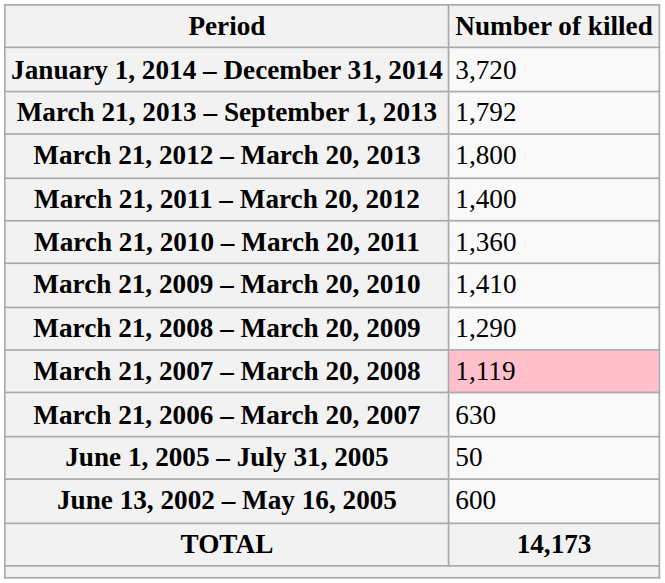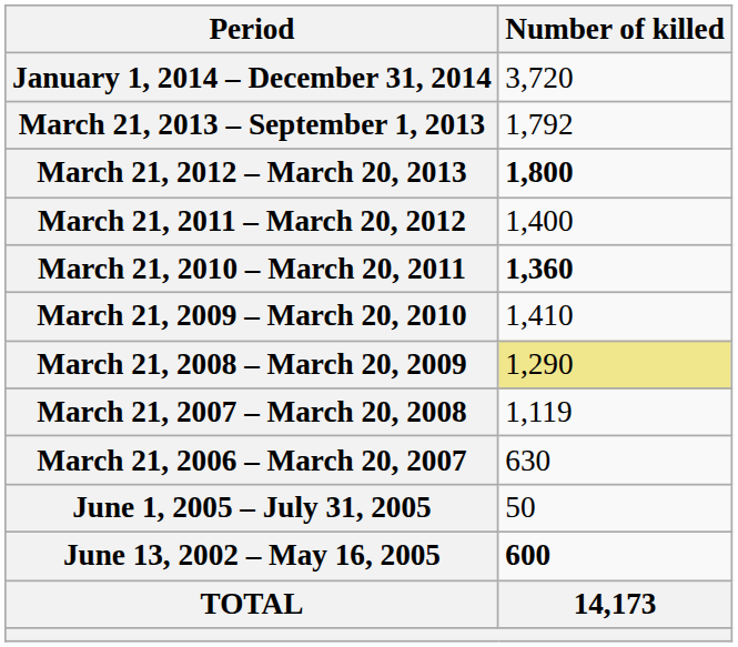 <table class="wikitable" align="center" style="margin:0 1em 0.5em 0;">
 <tr>
 <th>Period</th>
 <th>Number of killed</th>
 </tr>
 <tr>
 <th>January 1, 2014 – December 31, 2014</th>
 <td>3,720</td>
 </tr>
 <tr>
 <th>March 21, 2013 – September 1, 2013</th>
 <td>1,792</td>
 </tr>
 <tr>
 <th>March 21, 2012 – March 20, 2013</th>
-<td>1,800</td>
+<td><strong>1,800</strong></td>
 </tr>
 <tr>
 <th>March 21, 2011 – March 20, 2012</th>
 <td>1,400</td>
 </tr>
 <tr>
 <th>March 21, 2010 – March 20, 2011</th>
-<td>1,360</td>
+<td><strong>1,360</strong></td>
 </tr>
 <tr>
 <th>March 21, 2009 – March 20, 2010</th>
 <td>1,410</td>
 </tr>
 <tr>
 <th>March 21, 2008 – March 20, 2009</th>
-<td>1,290</td>
+<td style="background: khaki;">1,290</td>
 </tr>
 <tr>
 <th>March 21, 2007 – March 20, 2008</th>
-<td style="background: pink;">1,119</td>
+<td>1,119</td>
 </tr>
 <tr>
 <th>March 21, 2006 – March 20, 2007</th>
 <td>630</td>
 </tr>
 <tr>
 <th>June 1, 2005 – July 31, 2005</th>
 <td>50</td>
 </tr>
 <tr>
 <th>June 13, 2002 – May 16, 2005</th>
-<td>600</td>
+<td><strong>600</strong></td>
 </tr>
 <tr>
 <th><span>TOTAL</span></th>
 <th>14,173</th>
 </tr>
 <tr>
 <th colspan="5"></th>
 </tr>
 </table>
